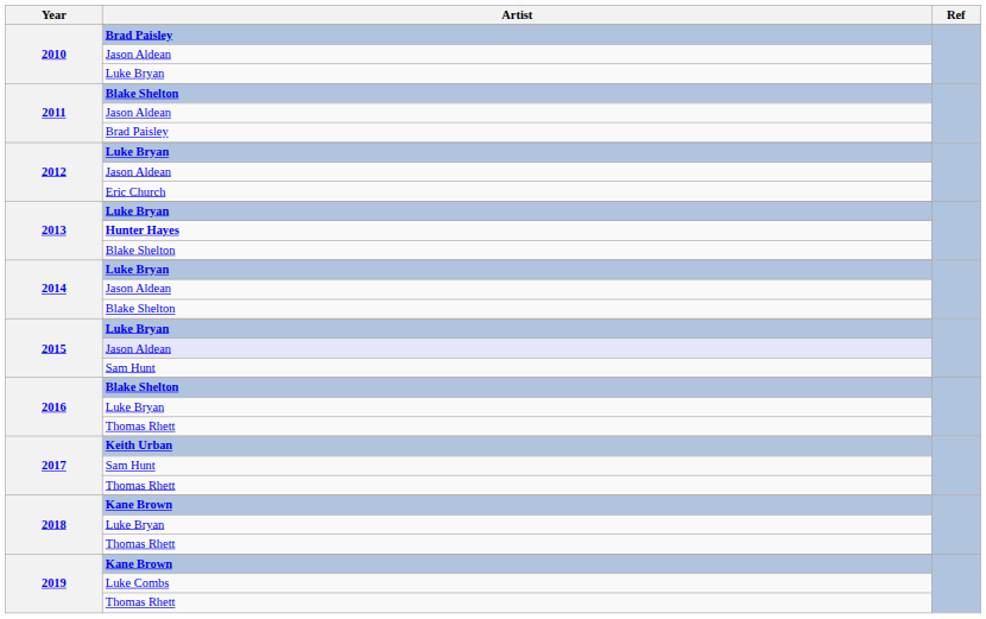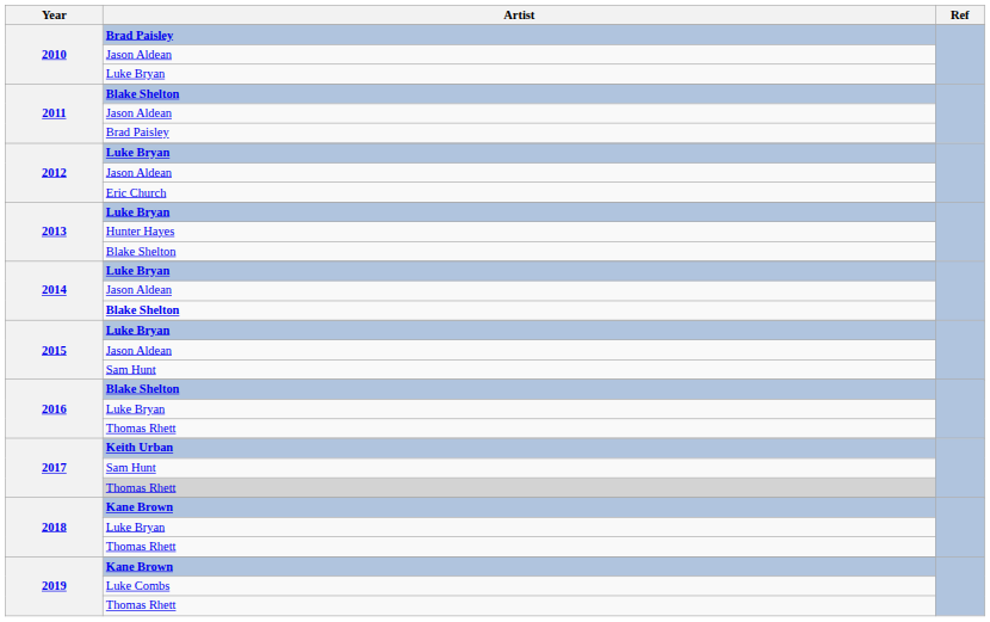 <table class="wikitable" width="100%">
 <tr>
 <th width="10%">Year</th>
 <th width="85%">Artist</th>
 <th width="5%">Ref</th>
 </tr>
 <tr>
 <th rowspan="4" align="center"><a href='#'>2010<br></a></th>
 </tr>
 <tr style="background:#B0C4DE">
 <td><strong><a href='#'>Brad Paisley</a></strong></td>
 <td rowspan="4" align="center"></td>
 </tr>
 <tr>
 <td><a href='#'>Jason Aldean</a></td>
 </tr>
 <tr>
 <td><a href='#'>Luke Bryan</a></td>
 </tr>
 <tr>
 <th rowspan="4" align="center"><a href='#'>2011<br></a></th>
 </tr>
 <tr style="background:#B0C4DE">
 <td><strong><a href='#'>Blake Shelton</a></strong></td>
 <td rowspan="4" align="center"></td>
 </tr>
 <tr>
 <td><a href='#'>Jason Aldean</a></td>
 </tr>
 <tr>
 <td><a href='#'>Brad Paisley</a></td>
 </tr>
 <tr>
 <th rowspan="4" align="center"><a href='#'>2012<br></a></th>
 </tr>
 <tr style="background:#B0C4DE">
 <td><strong><a href='#'>Luke Bryan</a></strong></td>
 <td rowspan="4" align="center"></td>
 </tr>
 <tr>
 <td><a href='#'>Jason Aldean</a></td>
 </tr>
 <tr>
 <td><a href='#'>Eric Church</a></td>
 </tr>
 <tr>
 <th rowspan="4" align="center"><a href='#'>2013<br></a></th>
 </tr>
 <tr style="background:#B0C4DE">
 <td><strong><a href='#'>Luke Bryan</a></strong></td>
 <td rowspan="4" align="center"></td>
 </tr>
 <tr>
-<td><strong><a href='#'>Hunter Hayes</a></strong></td>
+<td><a href='#'>Hunter Hayes</a></td>
 </tr>
 <tr>
 <td><a href='#'>Blake Shelton</a></td>
 </tr>
 <tr>
 <th rowspan="4" align="center"><a href='#'>2014<br></a></th>
 </tr>
 <tr style="background:#B0C4DE">
 <td><strong><a href='#'>Luke Bryan</a></strong></td>
 <td rowspan="4" align="center"></td>
 </tr>
 <tr>
 <td><a href='#'>Jason Aldean</a></td>
 </tr>
 <tr>
-<td><a href='#'>Blake Shelton</a></td>
+<td><strong><a href='#'>Blake Shelton</a></strong></td>
 </tr>
 <tr>
 <th rowspan="4" align="center"><a href='#'>2015<br></a></th>
 </tr>
 <tr style="background:#B0C4DE">
 <td><strong><a href='#'>Luke Bryan</a></strong></td>
 <td rowspan="4" align="center"></td>
 </tr>
 <tr>
-<td style="background: lavender;"><a href='#'>Jason Aldean</a></td>
+<td><a href='#'>Jason Aldean</a></td>
 </tr>
 <tr>
 <td><a href='#'>Sam Hunt</a></td>
 </tr>
 <tr>
 <th rowspan="4" align="center"><a href='#'>2016<br></a></th>
 </tr>
 <tr style="background:#B0C4DE">
 <td><strong><a href='#'>Blake Shelton</a></strong></td>
 <td rowspan="4" align="center"></td>
 </tr>
 <tr>
 <td><a href='#'>Luke Bryan</a></td>
 </tr>
 <tr>
 <td><a href='#'>Thomas Rhett</a></td>
 </tr>
 <tr>
 <th rowspan="4" align="center"><a href='#'>2017<br></a></th>
 </tr>
 <tr style="background:#B0C4DE">
 <td><strong><a href='#'>Keith Urban</a></strong></td>
 <td rowspan="4" align="center"></td>
 </tr>
 <tr>
 <td><a href='#'>Sam Hunt</a></td>
 </tr>
 <tr>
-<td><a href='#'>Thomas Rhett</a></td>
+<td style="background: lightgrey;"><a href='#'>Thomas Rhett</a></td>
 </tr>
 <tr>
 <th rowspan="4" align="center"><a href='#'>2018<br></a></th>
 </tr>
 <tr style="background:#B0C4DE">
 <td><strong><a href='#'>Kane Brown</a></strong></td>
 <td rowspan="4" align="center"></td>
 </tr>
 <tr>
 <td><a href='#'>Luke Bryan</a></td>
 </tr>
 <tr>
 <td><a href='#'>Thomas Rhett</a></td>
 </tr>
 <tr>
 <th rowspan="4" align="center"><a href='#'>2019<br></a></th>
 </tr>
 <tr style="background:#B0C4DE">
 <td><strong><a href='#'>Kane Brown</a></strong></td>
 <td rowspan="4" align="center"></td>
 </tr>
 <tr>
 <td><a href='#'>Luke Combs</a></td>
 </tr>
 <tr>
 <td><a href='#'>Thomas Rhett</a></td>
 </tr>
 </table>
